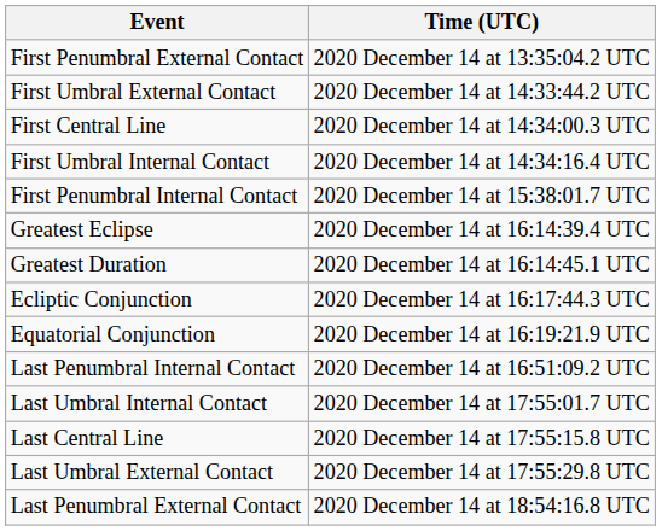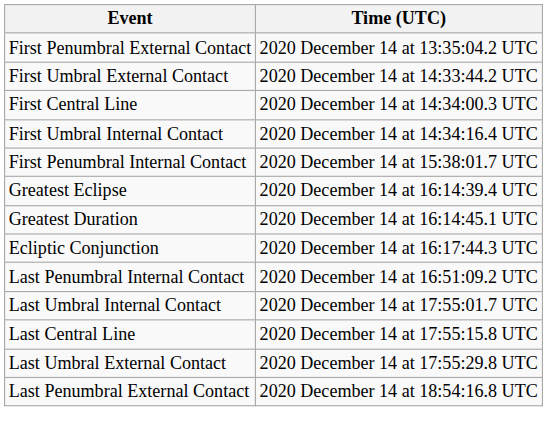 <table class="wikitable">
 <tr>
 <th>Event</th>
 <th>Time (UTC)</th>
 </tr>
 <tr>
 <td>First Penumbral External Contact</td>
 <td>2020 December 14 at 13:35:04.2 UTC</td>
 </tr>
 <tr>
 <td>First Umbral External Contact</td>
 <td>2020 December 14 at 14:33:44.2 UTC</td>
 </tr>
 <tr>
 <td>First Central Line</td>
 <td>2020 December 14 at 14:34:00.3 UTC</td>
 </tr>
 <tr>
 <td>First Umbral Internal Contact</td>
 <td>2020 December 14 at 14:34:16.4 UTC</td>
 </tr>
 <tr>
 <td>First Penumbral Internal Contact</td>
 <td>2020 December 14 at 15:38:01.7 UTC</td>
 </tr>
 <tr>
 <td>Greatest Eclipse</td>
 <td>2020 December 14 at 16:14:39.4 UTC</td>
 </tr>
 <tr>
 <td>Greatest Duration</td>
 <td>2020 December 14 at 16:14:45.1 UTC</td>
 </tr>
 <tr>
 <td>Ecliptic Conjunction</td>
 <td>2020 December 14 at 16:17:44.3 UTC</td>
 </tr>
 <tr>
-<td>Equatorial Conjunction</td>
-<td>2020 December 14 at 16:19:21.9 UTC</td>
-</tr>
-<tr>
 <td>Last Penumbral Internal Contact</td>
 <td>2020 December 14 at 16:51:09.2 UTC</td>
 </tr>
 <tr>
 <td>Last Umbral Internal Contact</td>
 <td>2020 December 14 at 17:55:01.7 UTC</td>
 </tr>
 <tr>
 <td>Last Central Line</td>
 <td>2020 December 14 at 17:55:15.8 UTC</td>
 </tr>
 <tr>
 <td>Last Umbral External Contact</td>
 <td>2020 December 14 at 17:55:29.8 UTC</td>
 </tr>
 <tr>
 <td>Last Penumbral External Contact</td>
 <td>2020 December 14 at 18:54:16.8 UTC</td>
 </tr>
 </table>
